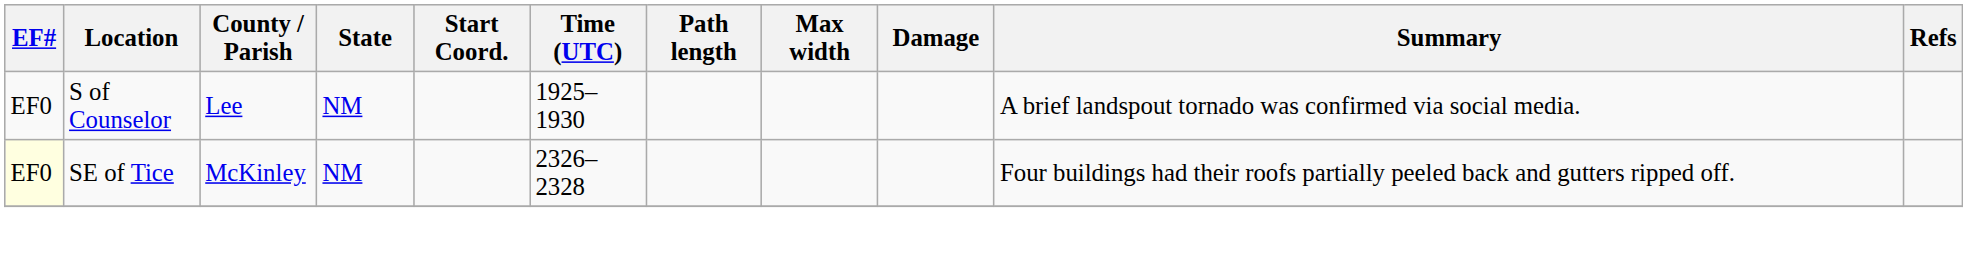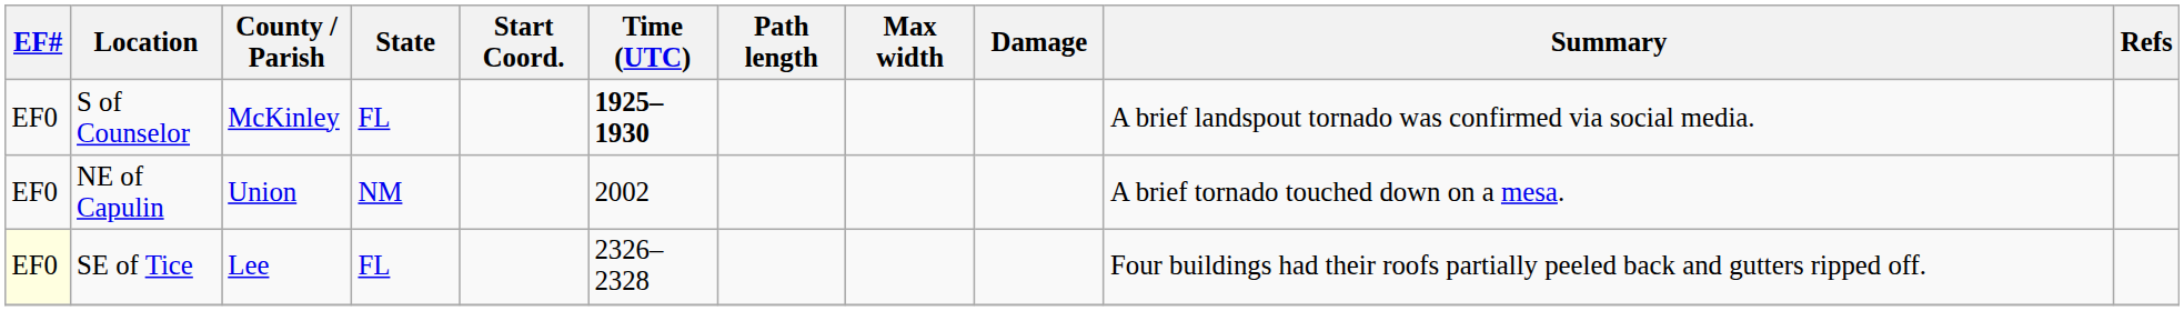 <table class="wikitable sortable" style="width:100%;">
 <tr>
 <th scope="col" width="3%" align="center"><a href='#'>EF#</a></th>
 <th scope="col" width="7%" align="center" class="unsortable">Location</th>
 <th scope="col" width="6%" align="center" class="unsortable">County / Parish</th>
 <th scope="col" width="5%" align="center">State</th>
 <th scope="col" width="6%" align="center">Start Coord.</th>
 <th scope="col" width="6%" align="center">Time (<a href='#'>UTC</a>)</th>
 <th scope="col" width="6%" align="center">Path length</th>
 <th scope="col" width="6%" align="center">Max width</th>
 <th scope="col" width="6%" align="center">Damage</th>
 <th scope="col" width="48%" class="unsortable" align="center">Summary</th>
 <th scope="col" width="48%" class="unsortable" align="center">Refs</th>
 </tr>
 <tr>
 <td>EF0</td>
 <td>S of <a href='#'>Counselor</a></td>
-<td><a href='#'>Lee</a></td>
-<td><a href='#'>NM</a></td>
+<td><a href='#'>McKinley</a></td>
+<td><a href='#'>FL</a></td>
 <td></td>
-<td>1925–1930</td>
+<td><strong>1925–1930</strong></td>
 <td></td>
 <td></td>
 <td></td>
 <td>A brief landspout tornado was confirmed via social media.</td>
 <td></td>
 </tr>
 <tr>
+<td>EF0</td>
+<td>NE of <a href='#'>Capulin</a></td>
+<td><a href='#'>Union</a></td>
+<td><a href='#'>NM</a></td>
+<td></td>
+<td>2002</td>
+<td></td>
+<td></td>
+<td></td>
+<td>A brief tornado touched down on a <a href='#'>mesa</a>.</td>
+<td></td>
+</tr>
+<tr>
 <td style="background: lightyellow;">EF0</td>
 <td>SE of <a href='#'>Tice</a></td>
-<td><a href='#'>McKinley</a></td>
-<td><a href='#'>NM</a></td>
+<td><a href='#'>Lee</a></td>
+<td><a href='#'>FL</a></td>
 <td></td>
 <td>2326–2328</td>
 <td></td>
 <td></td>
 <td></td>
 <td>Four buildings had their roofs partially peeled back and gutters ripped off.</td>
 <td></td>
 </tr>
 <tr>
 </tr>
 </table>
